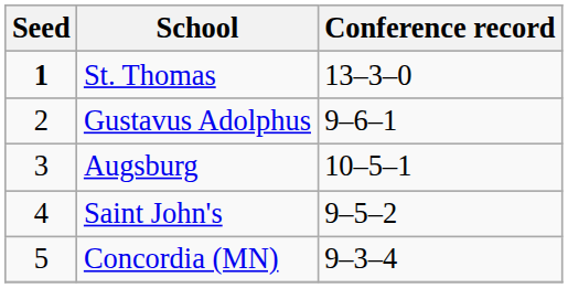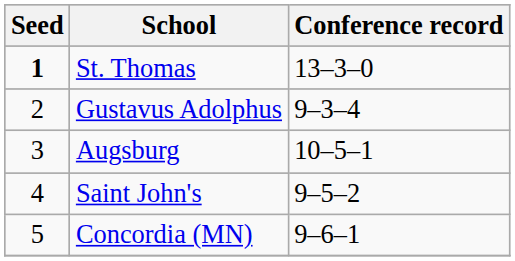 <table class="wikitable">
 <tr>
 <th>Seed</th>
 <th>School</th>
 <th>Conference record</th>
 </tr>
 <tr>
 <td align=center><strong>1</strong></td>
 <td><a href='#'>St. Thomas</a></td>
 <td>13–3–0</td>
 </tr>
 <tr>
 <td align=center>2</td>
 <td><a href='#'>Gustavus Adolphus</a></td>
-<td>9–6–1</td>
+<td>9–3–4</td>
 </tr>
 <tr>
 <td align=center>3</td>
 <td><a href='#'>Augsburg</a></td>
 <td>10–5–1</td>
 </tr>
 <tr>
 <td align=center>4</td>
 <td><a href='#'>Saint John's</a></td>
 <td>9–5–2</td>
 </tr>
 <tr>
 <td align=center>5</td>
 <td><a href='#'>Concordia (MN)</a></td>
-<td>9–3–4</td>
+<td>9–6–1</td>
 </tr>
 <tr>
 </tr>
 </table>
